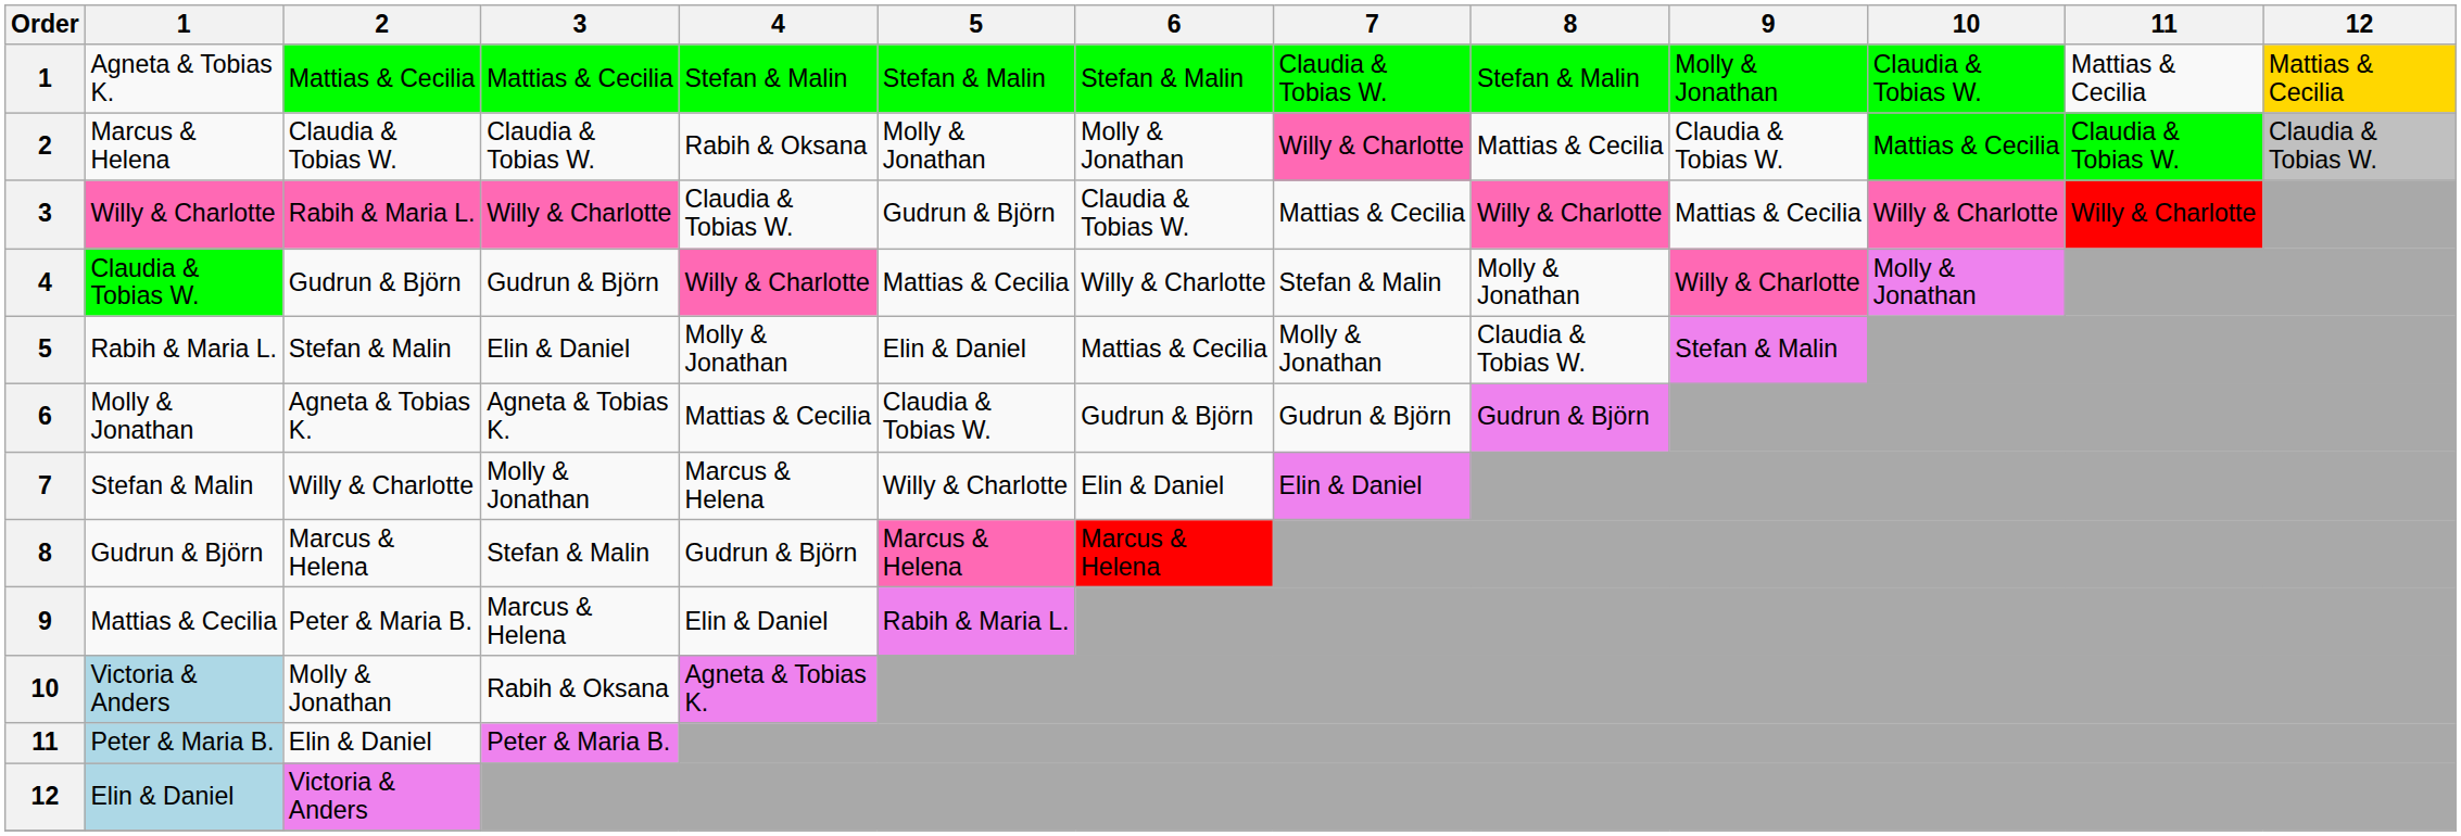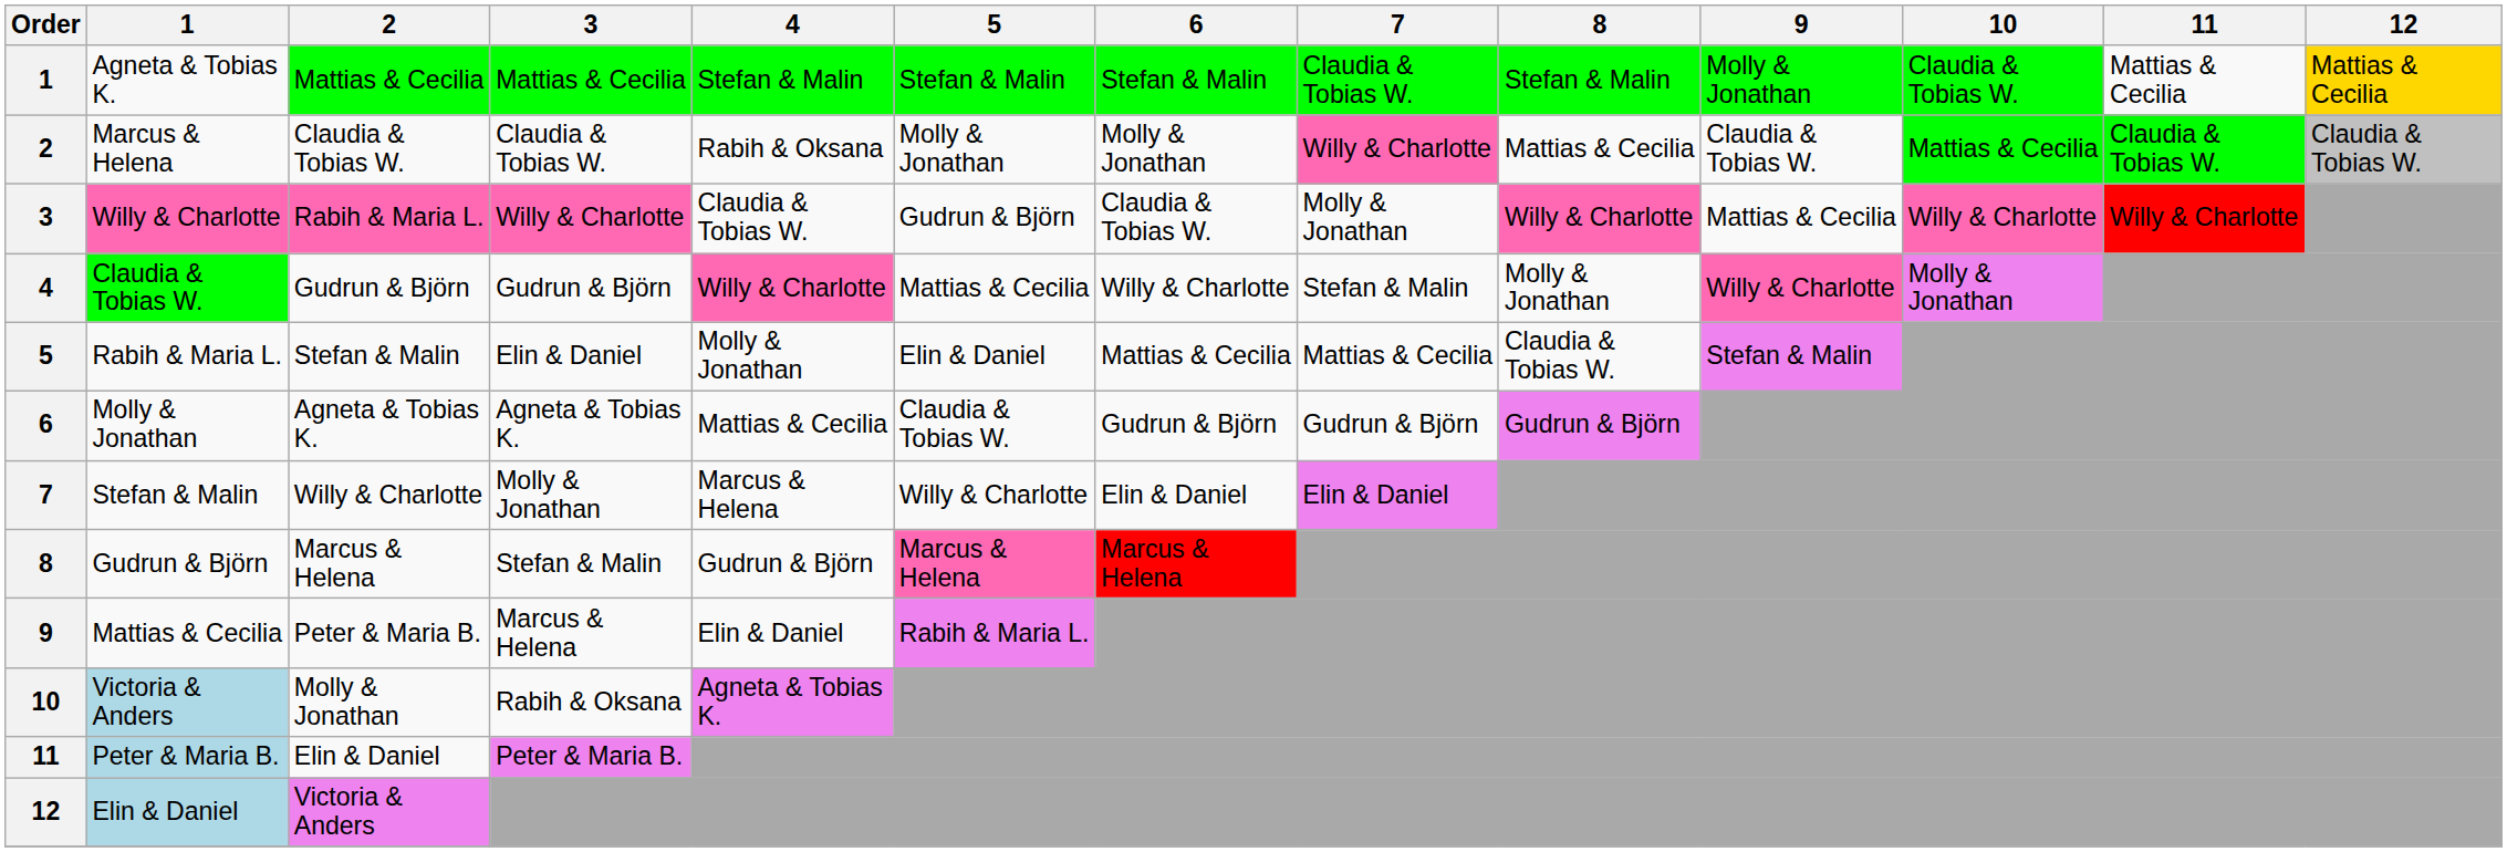 <table class="wikitable" align="center">
 <tr>
 <th>Order</th>
 <th>1</th>
 <th>2</th>
 <th>3</th>
 <th>4</th>
 <th>5</th>
 <th>6</th>
 <th>7</th>
 <th>8</th>
 <th>9</th>
 <th>10</th>
 <th>11</th>
 <th>12</th>
 </tr>
 <tr>
 <th>1</th>
 <td>Agneta & Tobias K.</td>
 <td bgcolor="lime">Mattias & Cecilia</td>
 <td bgcolor="lime">Mattias & Cecilia</td>
 <td bgcolor="lime">Stefan & Malin</td>
 <td bgcolor="lime">Stefan & Malin</td>
 <td bgcolor="lime">Stefan & Malin</td>
 <td bgcolor="lime">Claudia & Tobias W.</td>
 <td bgcolor="lime">Stefan & Malin</td>
 <td bgcolor="lime">Molly & Jonathan</td>
 <td bgcolor="lime">Claudia & Tobias W.</td>
 <td>Mattias & Cecilia</td>
 <td bgcolor="gold">Mattias & Cecilia</td>
 </tr>
 <tr>
 <th>2</th>
 <td>Marcus & Helena</td>
 <td>Claudia & Tobias W.</td>
 <td>Claudia & Tobias W.</td>
 <td>Rabih & Oksana</td>
 <td>Molly & Jonathan</td>
 <td>Molly & Jonathan</td>
 <td bgcolor="hotpink">Willy & Charlotte</td>
 <td>Mattias & Cecilia</td>
 <td>Claudia & Tobias W.</td>
 <td bgcolor="lime">Mattias & Cecilia</td>
 <td bgcolor="lime">Claudia & Tobias W.</td>
 <td bgcolor="silver">Claudia & Tobias W.</td>
 </tr>
 <tr>
 <th>3</th>
 <td bgcolor="hotpink">Willy & Charlotte</td>
 <td bgcolor="hotpink">Rabih & Maria L.</td>
 <td bgcolor="hotpink">Willy & Charlotte</td>
 <td>Claudia & Tobias W.</td>
 <td>Gudrun & Björn</td>
 <td>Claudia & Tobias W.</td>
-<td>Mattias & Cecilia</td>
+<td>Molly & Jonathan</td>
 <td bgcolor="hotpink">Willy & Charlotte</td>
 <td>Mattias & Cecilia</td>
 <td bgcolor="hotpink">Willy & Charlotte</td>
 <td bgcolor="red">Willy & Charlotte</td>
 <td bgcolor="darkgray"></td>
 </tr>
 <tr>
 <th>4</th>
 <td bgcolor="lime">Claudia & Tobias W.</td>
 <td>Gudrun & Björn</td>
 <td>Gudrun & Björn</td>
 <td bgcolor="hotpink">Willy & Charlotte</td>
 <td>Mattias & Cecilia</td>
 <td>Willy & Charlotte</td>
 <td>Stefan & Malin</td>
 <td>Molly & Jonathan</td>
 <td bgcolor="hotpink">Willy & Charlotte</td>
 <td bgcolor="violet">Molly & Jonathan</td>
 <td bgcolor="darkgray" colspan="2"></td>
 </tr>
 <tr>
 <th>5</th>
 <td>Rabih & Maria L.</td>
 <td>Stefan & Malin</td>
 <td>Elin & Daniel</td>
 <td>Molly & Jonathan</td>
 <td>Elin & Daniel</td>
 <td>Mattias & Cecilia</td>
-<td>Molly & Jonathan</td>
+<td>Mattias & Cecilia</td>
 <td>Claudia & Tobias W.</td>
 <td bgcolor="violet">Stefan & Malin</td>
 <td bgcolor="darkgray" colspan="3"></td>
 </tr>
 <tr>
 <th>6</th>
 <td>Molly & Jonathan</td>
 <td>Agneta & Tobias K.</td>
 <td>Agneta & Tobias K.</td>
 <td>Mattias & Cecilia</td>
 <td>Claudia & Tobias W.</td>
 <td>Gudrun & Björn</td>
 <td>Gudrun & Björn</td>
 <td bgcolor="violet">Gudrun & Björn</td>
 <td bgcolor="darkgray" colspan="4"></td>
 </tr>
 <tr>
 <th>7</th>
 <td>Stefan & Malin</td>
 <td>Willy & Charlotte</td>
 <td>Molly & Jonathan</td>
 <td>Marcus & Helena</td>
 <td>Willy & Charlotte</td>
 <td>Elin & Daniel</td>
 <td bgcolor="violet">Elin & Daniel</td>
 <td bgcolor="darkgray" colspan="5"></td>
 </tr>
 <tr>
 <th>8</th>
 <td>Gudrun & Björn</td>
 <td>Marcus & Helena</td>
 <td>Stefan & Malin</td>
 <td>Gudrun & Björn</td>
 <td bgcolor="hotpink">Marcus & Helena</td>
 <td bgcolor="red">Marcus & Helena</td>
 <td bgcolor="darkgray" colspan="6"></td>
 </tr>
 <tr>
 <th>9</th>
 <td>Mattias & Cecilia</td>
 <td>Peter & Maria B.</td>
 <td>Marcus & Helena</td>
 <td>Elin & Daniel</td>
 <td bgcolor="violet">Rabih & Maria L.</td>
 <td bgcolor="darkgray" colspan="7"></td>
 </tr>
 <tr>
 <th>10</th>
 <td bgcolor="lightblue">Victoria & Anders</td>
 <td>Molly & Jonathan</td>
 <td>Rabih & Oksana</td>
 <td bgcolor="violet">Agneta & Tobias K.</td>
 <td bgcolor="darkgray" colspan="8"></td>
 </tr>
 <tr>
 <th>11</th>
 <td bgcolor="lightblue">Peter & Maria B.</td>
 <td>Elin & Daniel</td>
 <td bgcolor="violet">Peter & Maria B.</td>
 <td bgcolor="darkgray" colspan="9"></td>
 </tr>
 <tr>
 <th>12</th>
 <td bgcolor="lightblue">Elin & Daniel</td>
 <td bgcolor="violet">Victoria & Anders</td>
 <td bgcolor="darkgray" colspan="10"></td>
 </tr>
 <tr>
 </tr>
 </table>
